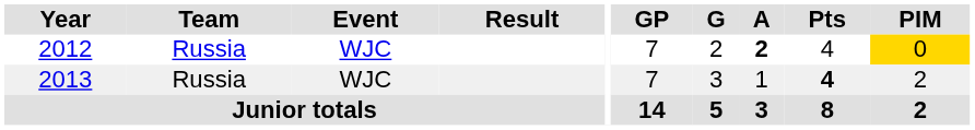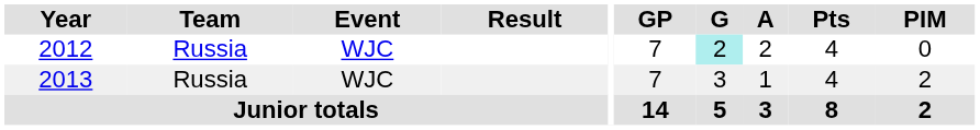 <table border="0" cellpadding="1" cellspacing="0" ID="Table3" style="text-align:center; width:40em">
 <tr ALIGN="center" bgcolor="#e0e0e0">
 <th>Year</th>
 <th>Team</th>
 <th>Event</th>
 <th>Result</th>
 <th rowspan="99" bgcolor="#ffffff"></th>
 <th>GP</th>
 <th>G</th>
 <th>A</th>
 <th>Pts</th>
 <th>PIM</th>
 </tr>
 <tr>
 <td><a href='#'>2012</a></td>
 <td><a href='#'>Russia</a></td>
 <td><a href='#'>WJC</a></td>
 <td></td>
 <td>7</td>
+<td style="background: paleturquoise;">2</td>
 <td>2</td>
-<td><strong>2</strong></td>
 <td>4</td>
-<td style="background: gold;">0</td>
+<td>0</td>
 </tr>
 <tr bgcolor="#f0f0f0">
 <td><a href='#'>2013</a></td>
 <td>Russia</td>
 <td>WJC</td>
 <td></td>
 <td>7</td>
 <td>3</td>
 <td>1</td>
-<td><strong>4</strong></td>
+<td>4</td>
 <td>2</td>
 </tr>
 <tr bgcolor="#e0e0e0">
 <th colspan="4">Junior totals</th>
 <th>14</th>
 <th>5</th>
 <th>3</th>
 <th>8</th>
 <th>2</th>
 </tr>
 </table>
